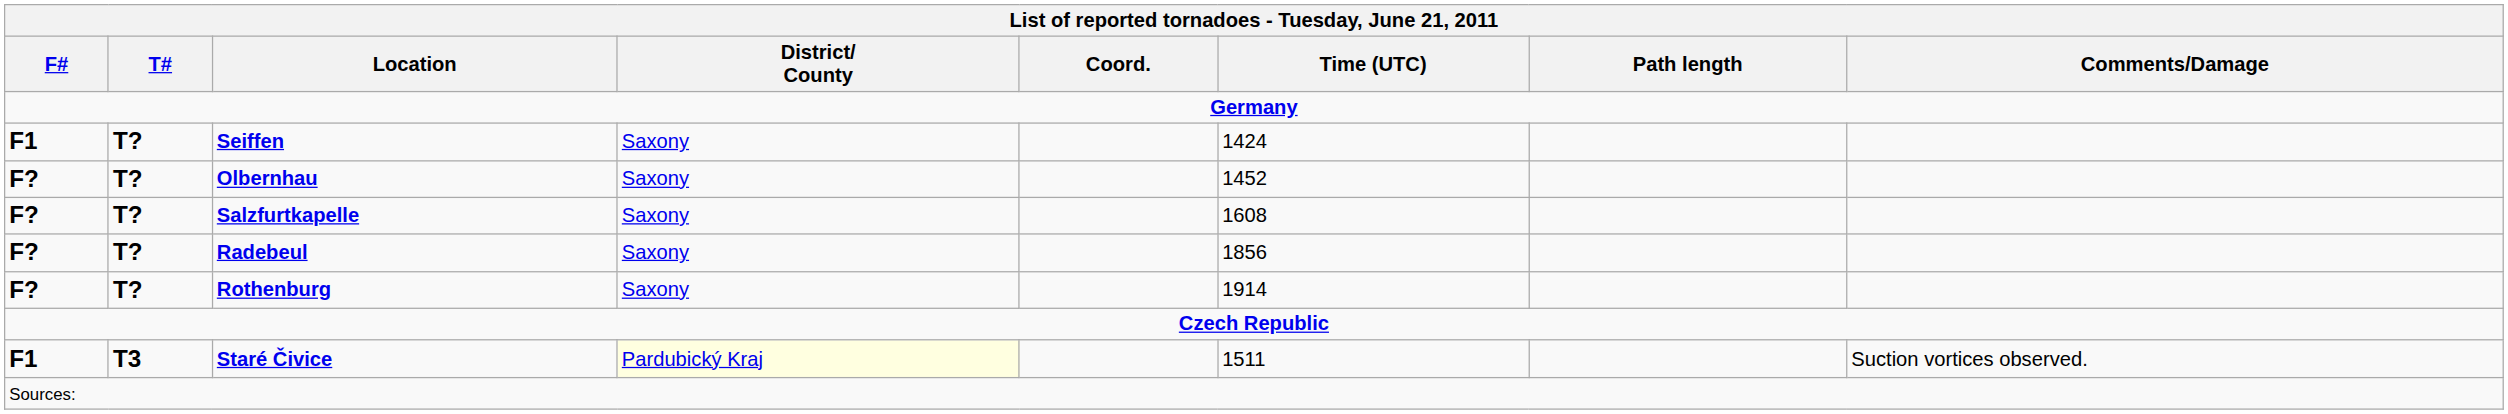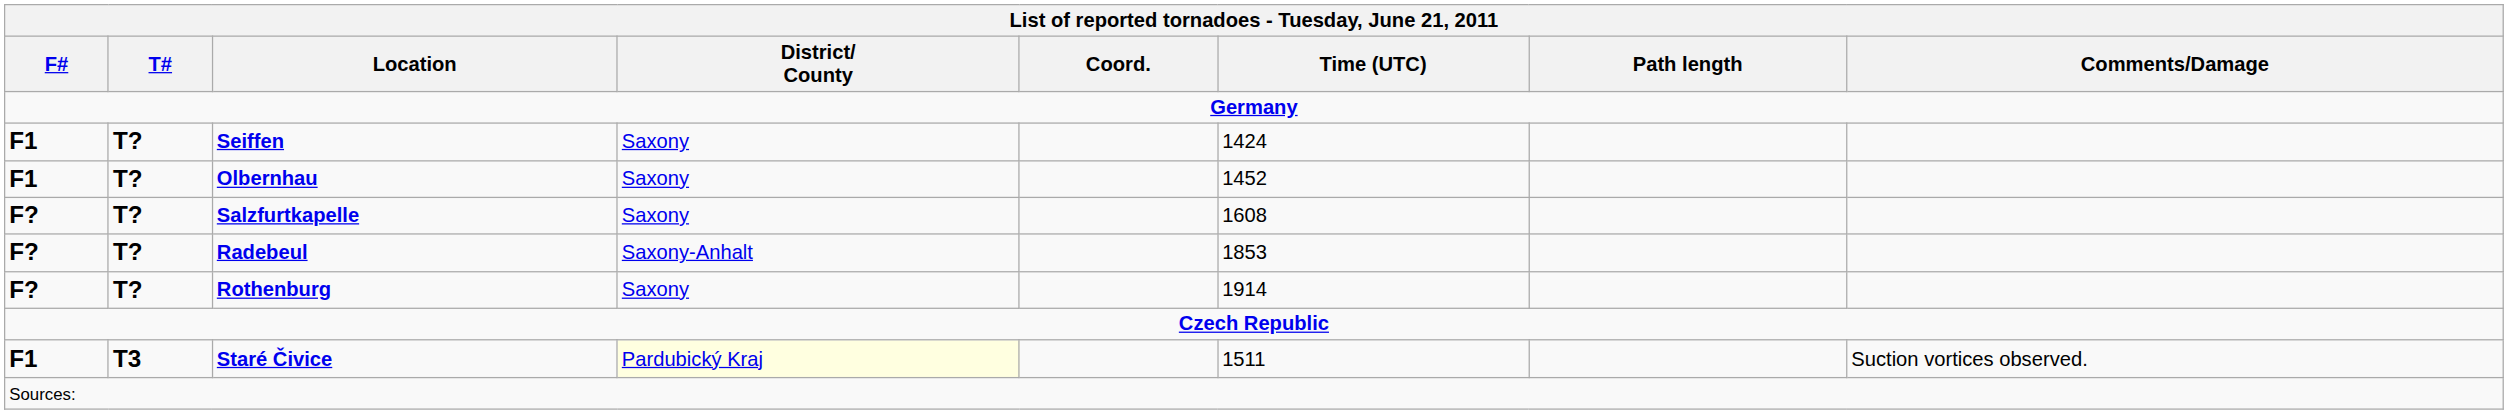 <table class="wikitable collapsible" width="100%">
 <tr>
 <th colspan="8">List of reported tornadoes - Tuesday, June 21, 2011</th>
 </tr>
 <tr>
 <th><a href='#'>F#</a></th>
 <th><a href='#'>T#</a></th>
 <th>Location</th>
 <th>District/<br>County</th>
 <th>Coord.</th>
 <th>Time (UTC)</th>
 <th>Path length</th>
 <th>Comments/Damage</th>
 </tr>
 <tr>
 <td colspan="8" align=center><strong><a href='#'>Germany</a></strong></td>
 </tr>
 <tr>
 <td><big><strong>F1</strong></big></td>
 <td><big><strong>T?</strong></big></td>
 <td><strong><a href='#'>Seiffen</a></strong></td>
 <td><a href='#'>Saxony</a></td>
 <td></td>
 <td>1424</td>
 <td></td>
 <td></td>
 </tr>
 <tr>
-<td><big><strong>F?</strong></big></td>
+<td><big><strong>F1</strong></big></td>
 <td><big><strong>T?</strong></big></td>
 <td><strong><a href='#'>Olbernhau</a></strong></td>
 <td><a href='#'>Saxony</a></td>
 <td></td>
 <td>1452</td>
 <td></td>
 <td></td>
 </tr>
 <tr>
 <td><big><strong>F?</strong></big></td>
 <td><big><strong>T?</strong></big></td>
 <td><strong><a href='#'>Salzfurtkapelle</a></strong></td>
 <td><a href='#'>Saxony</a></td>
 <td></td>
 <td>1608</td>
 <td></td>
 <td></td>
 </tr>
 <tr>
 <td><big><strong>F?</strong></big></td>
 <td><big><strong>T?</strong></big></td>
 <td><strong><a href='#'>Radebeul</a></strong></td>
-<td><a href='#'>Saxony</a></td>
+<td><a href='#'>Saxony-Anhalt</a></td>
 <td></td>
-<td>1856</td>
+<td>1853</td>
 <td></td>
 <td></td>
 </tr>
 <tr>
 <td><big><strong>F?</strong></big></td>
 <td><big><strong>T?</strong></big></td>
 <td><strong><a href='#'>Rothenburg</a></strong></td>
 <td><a href='#'>Saxony</a></td>
 <td></td>
 <td>1914</td>
 <td></td>
 <td></td>
 </tr>
 <tr>
 <td colspan="8" align=center><strong><a href='#'>Czech Republic</a></strong></td>
 </tr>
 <tr>
 <td><big><strong>F1</strong></big></td>
 <td><big><strong>T3</strong></big></td>
 <td><strong><a href='#'>Staré Čivice</a></strong></td>
 <td style="background: lightyellow;"><a href='#'>Pardubický Kraj</a></td>
 <td></td>
 <td>1511</td>
 <td></td>
 <td>Suction vortices observed.</td>
 </tr>
 <tr>
 <td colspan="8"><small>Sources:  </small></td>
 </tr>
 </table>
